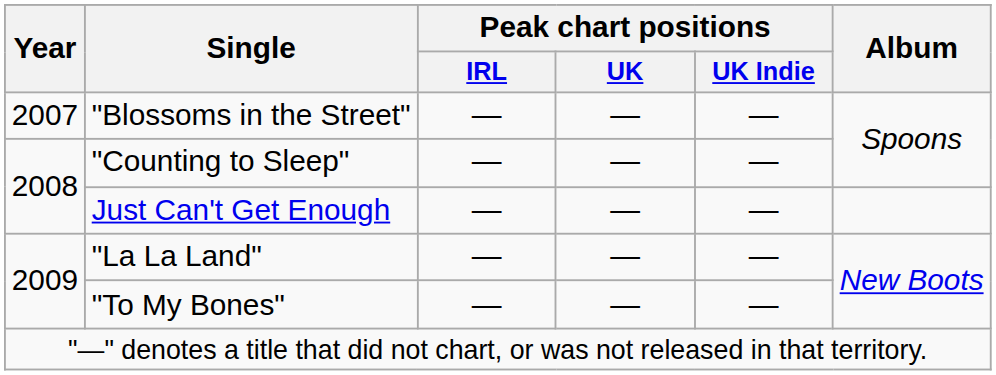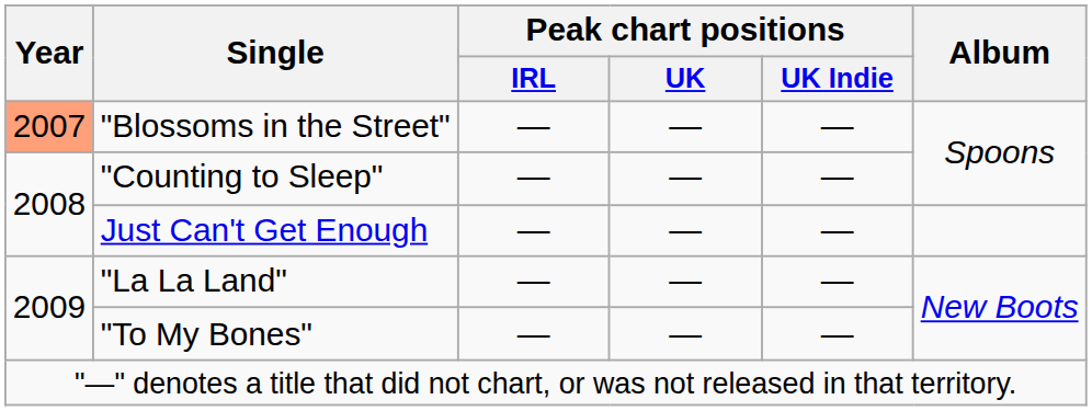 <table class="wikitable" style="text-align:center;">
 <tr>
 <th rowspan="2">Year</th>
 <th rowspan="2">Single</th>
 <th colspan="3">Peak chart positions</th>
 <th rowspan="2">Album</th>
 </tr>
 <tr>
 <th style="width:5em;font-size:85%"><a href='#'>IRL</a><br></th>
 <th style="width:5em;font-size:85%"><a href='#'>UK</a><br></th>
 <th style="width:5em;font-size:85%"><a href='#'>UK Indie</a><br></th>
 </tr>
 <tr>
-<td>2007</td>
+<td style="background: lightsalmon;">2007</td>
 <td style="text-align:left;">"Blossoms in the Street"</td>
 <td>—</td>
 <td>—</td>
 <td>—</td>
 <td rowspan="2"><em>Spoons</em></td>
 </tr>
 <tr>
 <td rowspan="2">2008</td>
 <td style="text-align:left;">"Counting to Sleep"</td>
 <td>—</td>
 <td>—</td>
 <td>—</td>
 </tr>
 <tr>
 <td style="text-align:left;"><a href='#'>Just Can't Get Enough</a></td>
 <td>—</td>
 <td>—</td>
 <td>—</td>
 <td></td>
 </tr>
 <tr>
 <td rowspan="2">2009</td>
 <td style="text-align:left;">"La La Land"</td>
 <td>—</td>
 <td>—</td>
 <td>—</td>
 <td rowspan="2"><em><a href='#'>New Boots</a></em></td>
 </tr>
 <tr>
 <td style="text-align:left;">"To My Bones"</td>
 <td>—</td>
 <td>—</td>
 <td>—</td>
 </tr>
 <tr>
 <td colspan="6" style="font-size:90%">"—" denotes a title that did not chart, or was not released in that territory.</td>
 </tr>
 </table>
